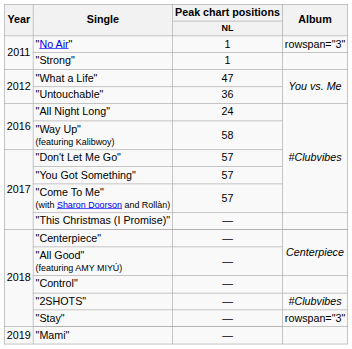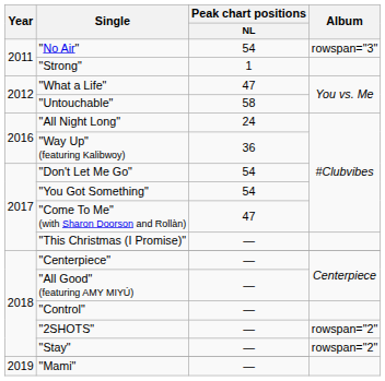 <table class="wikitable" style="text-align:center;">
 <tr>
 <th rowspan=2>Year</th>
 <th rowspan=2>Single</th>
 <th colspan=1>Peak chart positions</th>
 <th rowspan=2>Album</th>
 </tr>
 <tr style="font-size:smaller;">
 <th>NL<br></th>
 </tr>
 <tr>
 <td rowspan=2>2011</td>
 <td align=left>"<a href='#'>No Air</a>"</td>
-<td>1</td>
+<td>54</td>
 <td>rowspan="3" </td>
 </tr>
 <tr>
 <td align=left>"Strong"</td>
 <td>1</td>
 </tr>
 <tr>
 <td rowspan=2>2012</td>
 <td align=left>"What a Life"</td>
 <td>47</td>
 <td rowspan=2><em>You vs. Me</em></td>
 </tr>
 <tr>
 <td align=left>"Untouchable"</td>
-<td>36</td>
+<td>58</td>
 </tr>
 <tr>
 <td rowspan=2>2016</td>
 <td align=left>"All Night Long"</td>
 <td>24</td>
 <td rowspan=5><em>#Clubvibes</em></td>
 </tr>
 <tr>
 <td align=left>"Way Up"<br><small>(featuring Kalibwoy)</small></td>
-<td>58</td>
+<td>36</td>
 </tr>
 <tr>
 <td rowspan=4>2017</td>
 <td align=left>"Don't Let Me Go"</td>
-<td>57</td>
+<td>54</td>
 </tr>
 <tr>
 <td align=left>"You Got Something"</td>
-<td>57</td>
+<td>54</td>
 </tr>
 <tr>
 <td align=left>"Come To Me"<br><small>(with <a href='#'>Sharon Doorson</a> and Rollàn)</small></td>
-<td>57</td>
+<td>47</td>
 </tr>
 <tr>
 <td align=left>"This Christmas (I Promise)"</td>
 <td>—</td>
 <td></td>
 </tr>
 <tr>
 <td rowspan="6">2018</td>
 </tr>
 <tr>
 <td align=left>"Centerpiece"</td>
 <td>—</td>
 <td rowspan=2><em>Centerpiece</em></td>
 </tr>
 <tr>
 <td align=left>"All Good"<br><small>(featuring AMY MIYÚ)</small></td>
 <td>—</td>
 </tr>
 <tr>
 <td align=left>"Control"</td>
 <td>—</td>
 <td></td>
 </tr>
 <tr>
 <td align=left>"2SHOTS"</td>
 <td>—</td>
-<td><em>#Clubvibes</em></td>
+<td>rowspan="2" </td>
 </tr>
 <tr>
 <td align=left>"Stay"</td>
 <td>—</td>
-<td>rowspan="3" </td>
+<td>rowspan="2" </td>
 </tr>
 <tr>
 <td rowspan="2">2019</td>
 </tr>
 <tr>
 <td align=left>"Mami"</td>
 <td>—</td>
 </tr>
 </table>
